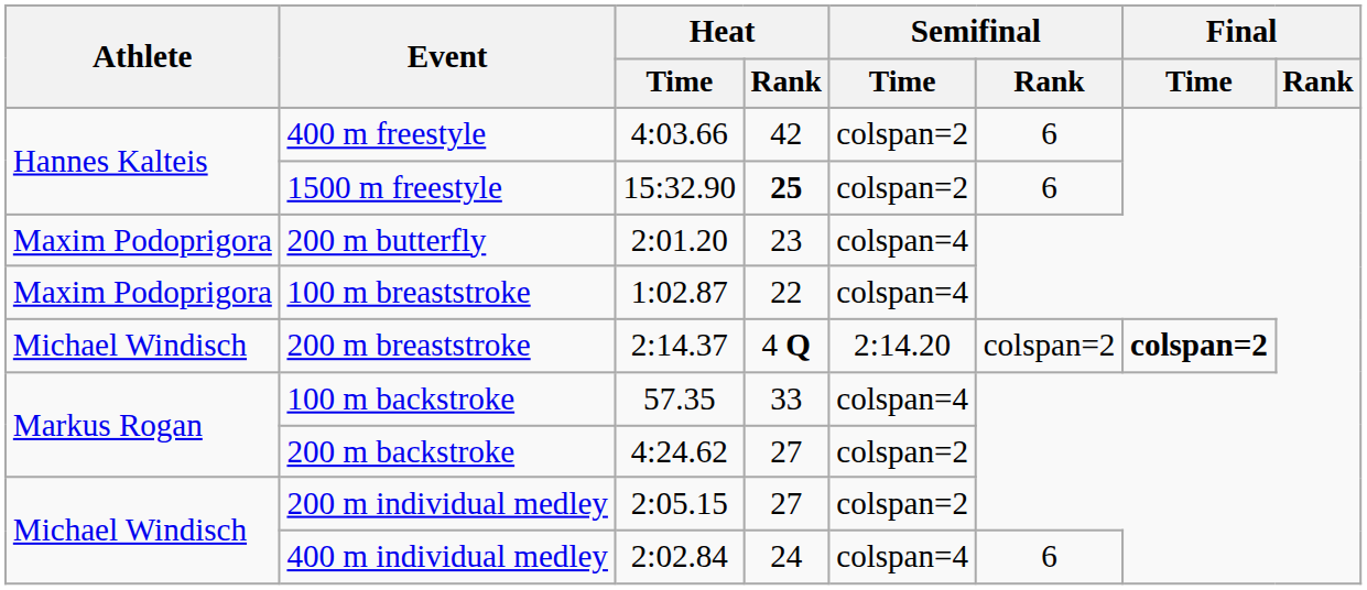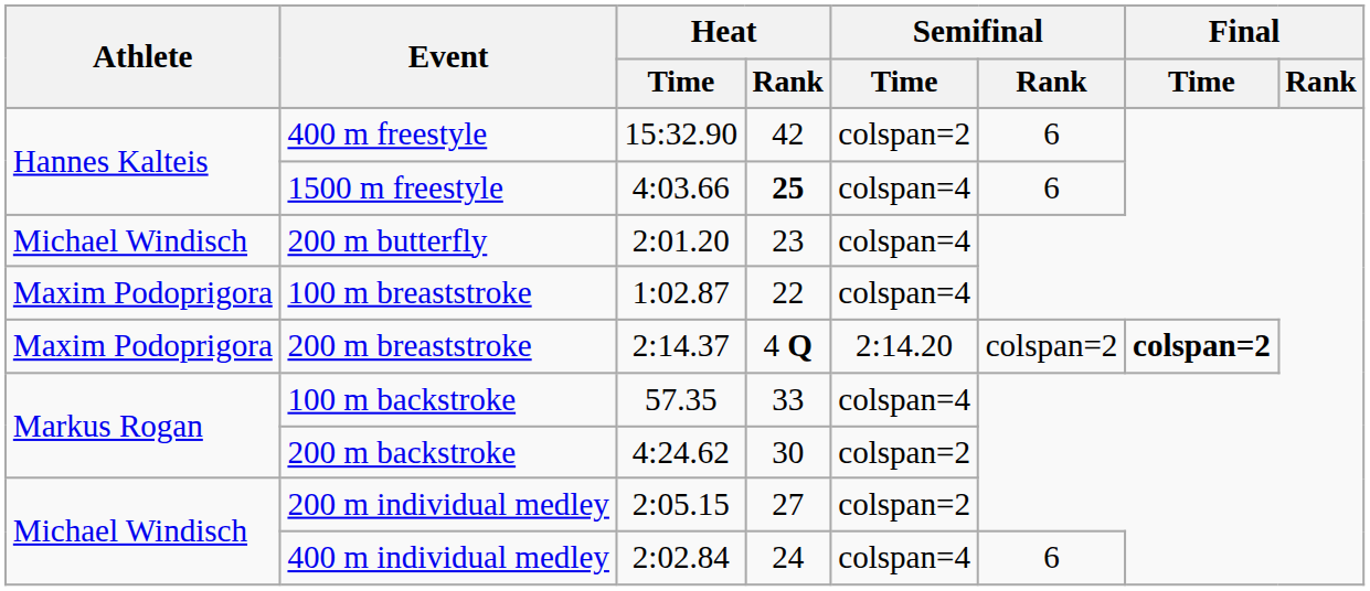 <table class=wikitable style=font-size:90%;text-align:center>
 <tr>
 <th rowspan=2>Athlete</th>
 <th rowspan=2>Event</th>
 <th colspan=2>Heat</th>
 <th colspan=2>Semifinal</th>
 <th colspan=2>Final</th>
 </tr>
 <tr style=font-size:95%>
 <th>Time</th>
 <th>Rank</th>
 <th>Time</th>
 <th>Rank</th>
 <th>Time</th>
 <th>Rank</th>
 </tr>
 <tr>
 <td align=left rowspan=2><a href='#'>Hannes Kalteis</a></td>
 <td align=left><a href='#'>400 m freestyle</a></td>
-<td>4:03.66</td>
+<td>15:32.90</td>
 <td>42</td>
 <td>colspan=2 </td>
 <td>6</td>
 </tr>
 <tr>
 <td align=left><a href='#'>1500 m freestyle</a></td>
-<td>15:32.90</td>
+<td>4:03.66</td>
 <td><strong>25</strong></td>
-<td>colspan=2 </td>
+<td>colspan=4 </td>
 <td>6</td>
 </tr>
 <tr>
-<td align=left><a href='#'>Maxim Podoprigora</a></td>
+<td align=left><a href='#'>Michael Windisch</a></td>
 <td align=left><a href='#'>200 m butterfly</a></td>
 <td>2:01.20</td>
 <td>23</td>
 <td>colspan=4 </td>
 </tr>
 <tr>
 <td align=left><a href='#'>Maxim Podoprigora</a></td>
 <td align=left><a href='#'>100 m breaststroke</a></td>
 <td>1:02.87</td>
 <td>22</td>
 <td>colspan=4 </td>
 </tr>
 <tr>
-<td align=left><a href='#'>Michael Windisch</a></td>
+<td align=left><a href='#'>Maxim Podoprigora</a></td>
 <td align=left><a href='#'>200 m breaststroke</a></td>
 <td>2:14.37</td>
 <td>4 <strong>Q</strong></td>
 <td>2:14.20</td>
 <td>colspan=2 </td>
 <td><strong>colspan=2 </strong></td>
 </tr>
 <tr>
 <td align=left rowspan=2><a href='#'>Markus Rogan</a></td>
 <td align=left><a href='#'>100 m backstroke</a></td>
 <td>57.35</td>
 <td>33</td>
 <td>colspan=4 </td>
 </tr>
 <tr>
 <td align=left><a href='#'>200 m backstroke</a></td>
 <td>4:24.62</td>
-<td>27</td>
+<td>30</td>
 <td>colspan=2 </td>
 </tr>
 <tr>
 <td align=left rowspan=2><a href='#'>Michael Windisch</a></td>
 <td align=left><a href='#'>200 m individual medley</a></td>
 <td>2:05.15</td>
 <td>27</td>
 <td>colspan=2 </td>
 </tr>
 <tr>
 <td align=left><a href='#'>400 m individual medley</a></td>
 <td>2:02.84</td>
 <td>24</td>
 <td>colspan=4 </td>
 <td>6</td>
 </tr>
 </table>
